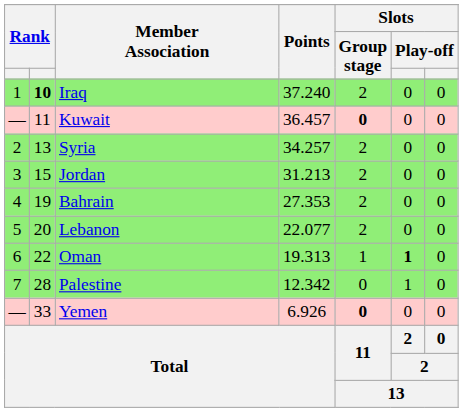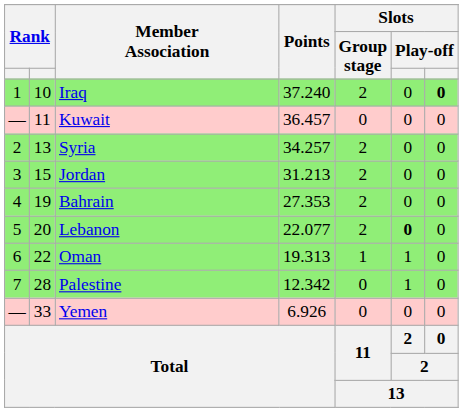 <table class="wikitable" style="text-align:center">
 <tr>
 </tr>
 <tr>
 <th colspan=2 rowspan=2><a href='#'>Rank</a></th>
 <th rowspan=3 width=200>Member<br>Association</th>
 <th rowspan=3>Points</th>
 <th colspan=3>Slots</th>
 </tr>
 <tr>
 <th rowspan=2>Group<br>stage</th>
 <th colspan=2>Play-off</th>
 </tr>
 <tr>
 <th></th>
 <th></th>
 <th></th>
 <th></th>
 </tr>
 <tr bgcolor=#90ee77>
 <td>1</td>
-<td><strong>10</strong></td>
+<td>10</td>
 <td align=left> <a href='#'>Iraq</a></td>
 <td>37.240</td>
 <td>2</td>
 <td>0</td>
-<td>0</td>
+<td><strong>0</strong></td>
 </tr>
 <tr bgcolor=#ffcccc>
 <td>—</td>
 <td>11</td>
 <td align=left> <a href='#'>Kuwait</a></td>
 <td>36.457</td>
-<td><strong>0</strong></td>
+<td>0</td>
 <td>0</td>
 <td>0</td>
 </tr>
 <tr bgcolor=#90ee77>
 <td>2</td>
 <td>13</td>
 <td align=left> <a href='#'>Syria</a></td>
 <td>34.257</td>
 <td>2</td>
 <td>0</td>
 <td>0</td>
 </tr>
 <tr bgcolor=#90ee77>
 <td>3</td>
 <td>15</td>
 <td align=left> <a href='#'>Jordan</a></td>
 <td>31.213</td>
 <td>2</td>
 <td>0</td>
 <td>0</td>
 </tr>
 <tr bgcolor=#90ee77>
 <td>4</td>
 <td>19</td>
 <td align=left> <a href='#'>Bahrain</a></td>
 <td>27.353</td>
 <td>2</td>
 <td>0</td>
 <td>0</td>
 </tr>
 <tr bgcolor=#90ee77>
 <td>5</td>
 <td>20</td>
 <td align=left> <a href='#'>Lebanon</a></td>
 <td>22.077</td>
 <td>2</td>
-<td>0</td>
+<td><strong>0</strong></td>
 <td>0</td>
 </tr>
 <tr bgcolor=#90ee77>
 <td>6</td>
 <td>22</td>
 <td align=left> <a href='#'>Oman</a></td>
 <td>19.313</td>
 <td>1</td>
-<td><strong>1</strong></td>
+<td>1</td>
 <td>0</td>
 </tr>
 <tr bgcolor=#90ee77>
 <td>7</td>
 <td>28</td>
 <td align=left> <a href='#'>Palestine</a></td>
 <td>12.342</td>
 <td>0</td>
 <td>1</td>
 <td>0</td>
 </tr>
 <tr bgcolor=#ffcccc>
 <td>—</td>
 <td>33</td>
 <td align=left> <a href='#'>Yemen</a></td>
 <td>6.926</td>
-<td><strong>0</strong></td>
+<td>0</td>
 <td>0</td>
 <td>0</td>
 </tr>
 <tr>
 <th colspan=4 rowspan=3>Total</th>
 <th rowspan=2>11</th>
 <th>2</th>
 <th>0</th>
 </tr>
 <tr>
 <th colspan=2>2</th>
 </tr>
 <tr>
 <th colspan=3>13</th>
 </tr>
 </table>
